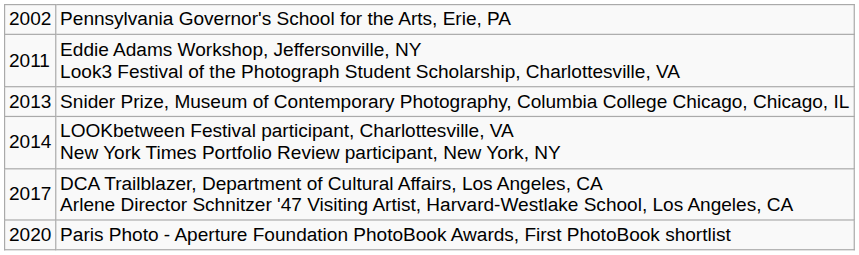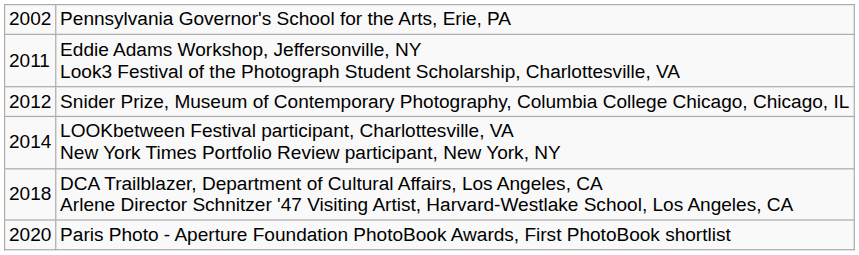 <table class="wikitable">
 <tr>
 <td>2002</td>
 <td>Pennsylvania Governor's School for the Arts, Erie, PA</td>
 </tr>
 <tr>
 <td>2011</td>
 <td>Eddie Adams Workshop, Jeffersonville, NY<br>Look3 Festival of the Photograph Student Scholarship, Charlottesville, VA</td>
 </tr>
 <tr>
-<td>2013</td>
+<td>2012</td>
 <td>Snider Prize, Museum of Contemporary Photography, Columbia College Chicago, Chicago, IL</td>
 </tr>
 <tr>
 <td>2014</td>
 <td>LOOKbetween Festival participant, Charlottesville, VA<br>New York Times Portfolio Review participant, New York, NY</td>
 </tr>
 <tr>
-<td>2017</td>
+<td>2018</td>
 <td>DCA Trailblazer, Department of Cultural Affairs, Los Angeles, CA<br>Arlene Director Schnitzer '47 Visiting Artist, Harvard-Westlake School, Los Angeles, CA</td>
 </tr>
 <tr>
 <td>2020</td>
 <td>Paris Photo - Aperture Foundation PhotoBook Awards, First PhotoBook shortlist</td>
 </tr>
 </table>
